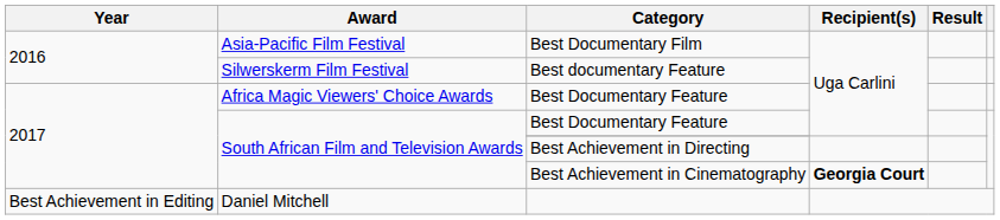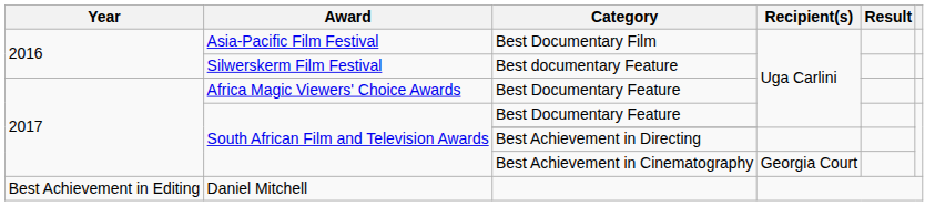 <table class="wikitable plainrowheaders sortable">
 <tr>
 <th scope="col">Year</th>
 <th scope="col">Award</th>
 <th scope="col">Category</th>
 <th scope="col">Recipient(s)</th>
 <th scope="col">Result</th>
 <th scope="col" class="unsortable"></th>
 </tr>
 <tr>
 <td rowspan="2">2016</td>
 <td><a href='#'>Asia-Pacific Film Festival</a></td>
 <td>Best Documentary Film</td>
 <td rowspan="5">Uga Carlini</td>
 <td></td>
 <td></td>
 </tr>
 <tr>
 <td><a href='#'>Silwerskerm Film Festival</a></td>
 <td>Best documentary Feature</td>
 <td></td>
 <td></td>
 </tr>
 <tr>
 <td rowspan="5">2017</td>
 <td><a href='#'>Africa Magic Viewers' Choice Awards</a></td>
 <td>Best Documentary Feature</td>
 <td></td>
 <td></td>
 </tr>
 <tr>
 <td rowspan="4"><a href='#'>South African Film and Television Awards</a></td>
 <td>Best Documentary Feature</td>
 <td></td>
 <td rowspan="4"></td>
 </tr>
 <tr>
 </tr>
 <tr>
 <td>Best Achievement in Directing</td>
 <td></td>
 </tr>
 <tr>
 <td>Best Achievement in Cinematography</td>
-<td><strong>Georgia Court</strong></td>
+<td>Georgia Court</td>
 <td></td>
 </tr>
 <tr>
 <td>Best Achievement in Editing</td>
 <td>Daniel Mitchell</td>
 <td></td>
 </tr>
 </table>
